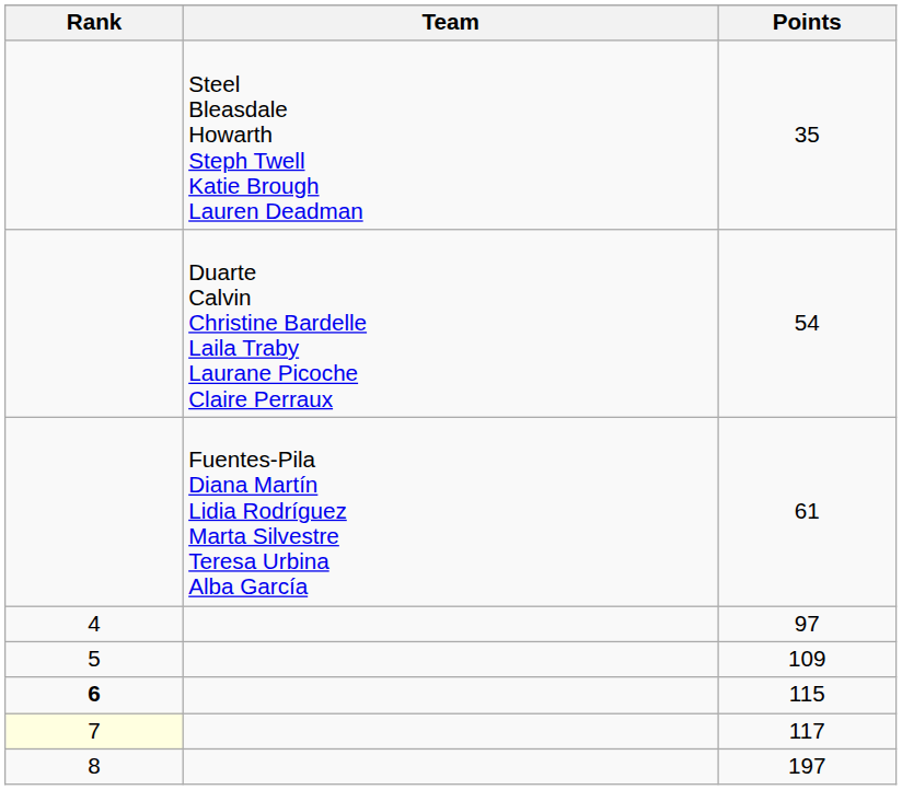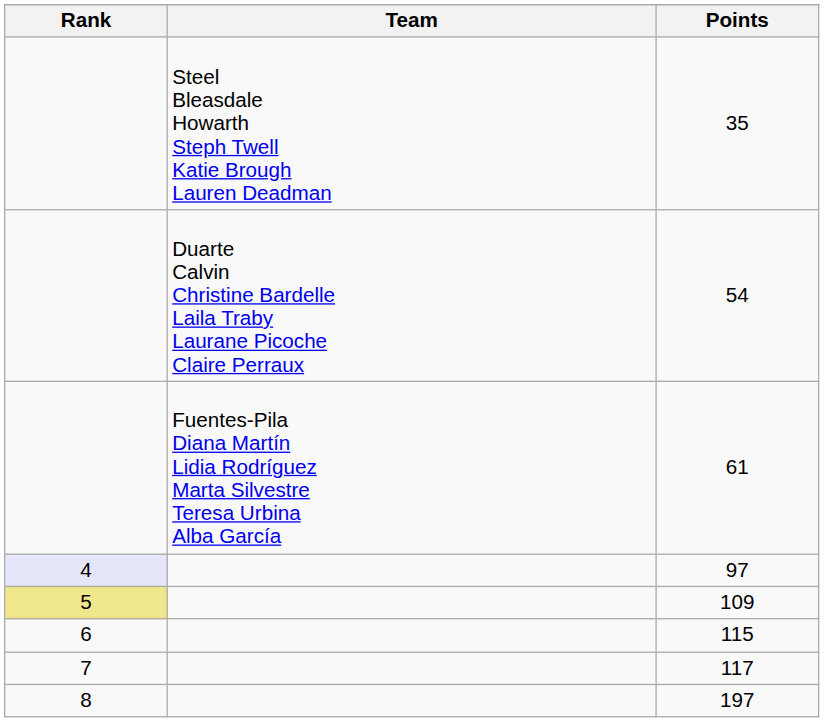 <table class="wikitable" style="text-align:center;" width="50%">
 <tr>
 </tr>
 <tr>
 <th width=10%>Rank</th>
 <th width=30%>Team</th>
 <th width=10%>Points</th>
 </tr>
 <tr>
 <td></td>
 <td align="left"><br>Steel<br>Bleasdale<br>Howarth<br><a href='#'>Steph Twell</a><br><a href='#'>Katie Brough</a><br><a href='#'>Lauren Deadman</a></td>
 <td>35</td>
 </tr>
 <tr>
 <td></td>
 <td align="left"><br>Duarte<br>Calvin<br><a href='#'>Christine Bardelle</a><br><a href='#'>Laila Traby</a><br><a href='#'>Laurane Picoche</a><br><a href='#'>Claire Perraux</a></td>
 <td>54</td>
 </tr>
 <tr>
 <td></td>
 <td align="left"><br>Fuentes-Pila<br><a href='#'>Diana Martín</a><br><a href='#'>Lidia Rodríguez</a><br><a href='#'>Marta Silvestre</a><br><a href='#'>Teresa Urbina</a><br><a href='#'>Alba García</a></td>
 <td>61</td>
 </tr>
 <tr>
-<td>4</td>
+<td style="background: lavender;">4</td>
 <td align="left"></td>
 <td>97</td>
 </tr>
 <tr>
-<td>5</td>
+<td style="background: khaki;">5</td>
 <td align="left"></td>
 <td>109</td>
 </tr>
 <tr>
-<td><strong>6</strong></td>
+<td>6</td>
 <td align="left"></td>
 <td>115</td>
 </tr>
 <tr>
-<td style="background: lightyellow;">7</td>
+<td>7</td>
 <td align="left"></td>
 <td>117</td>
 </tr>
 <tr>
 <td>8</td>
 <td align="left"></td>
 <td>197</td>
 </tr>
 </table>
